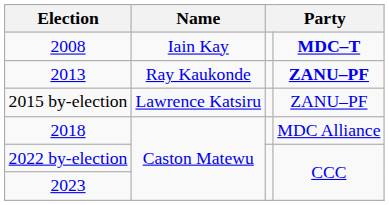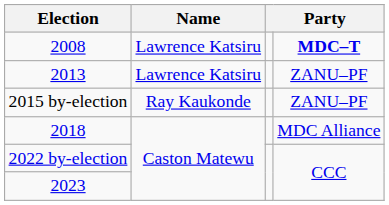 <table class="wikitable" style="text-align:center">
 <tr>
 <th>Election</th>
 <th>Name</th>
 <th colspan="2">Party</th>
 </tr>
 <tr>
 <td><a href='#'>2008</a></td>
-<td><a href='#'>Iain Kay</a></td>
+<td><a href='#'>Lawrence Katsiru</a></td>
 <td style="background-color: "></td>
 <td><strong><a href='#'>MDC–T</a></strong></td>
 </tr>
 <tr>
 <td><a href='#'>2013</a></td>
-<td><a href='#'>Ray Kaukonde</a></td>
+<td><a href='#'>Lawrence Katsiru</a></td>
 <td style="background-color: "></td>
-<td><strong><a href='#'>ZANU–PF</a></strong></td>
+<td><a href='#'>ZANU–PF</a></td>
 </tr>
 <tr>
 <td>2015 by-election</td>
-<td><a href='#'>Lawrence Katsiru</a></td>
+<td><a href='#'>Ray Kaukonde</a></td>
 <td style="background-color: "></td>
 <td><a href='#'>ZANU–PF</a></td>
 </tr>
 <tr>
 <td><a href='#'>2018</a></td>
 <td rowspan="3"><a href='#'>Caston Matewu</a></td>
 <td style="background-color: "></td>
 <td><a href='#'>MDC Alliance</a></td>
 </tr>
 <tr>
 <td><a href='#'>2022 by-election</a></td>
 <td rowspan="2" style="background-color: "></td>
 <td rowspan="2"><a href='#'>CCC</a></td>
 </tr>
 <tr>
 <td><a href='#'>2023</a></td>
 </tr>
 </table>
